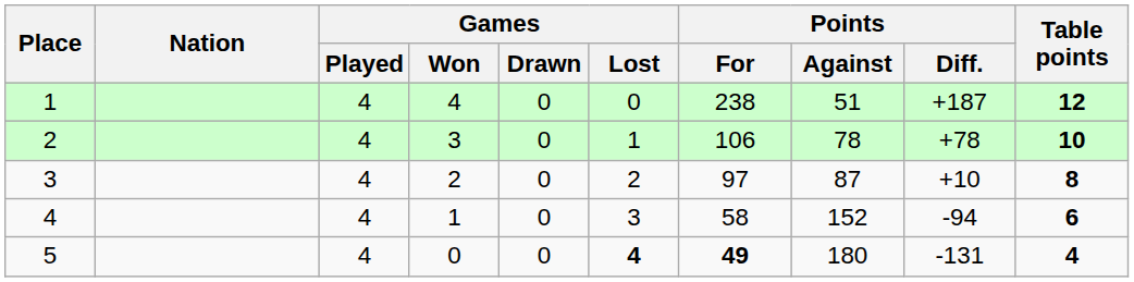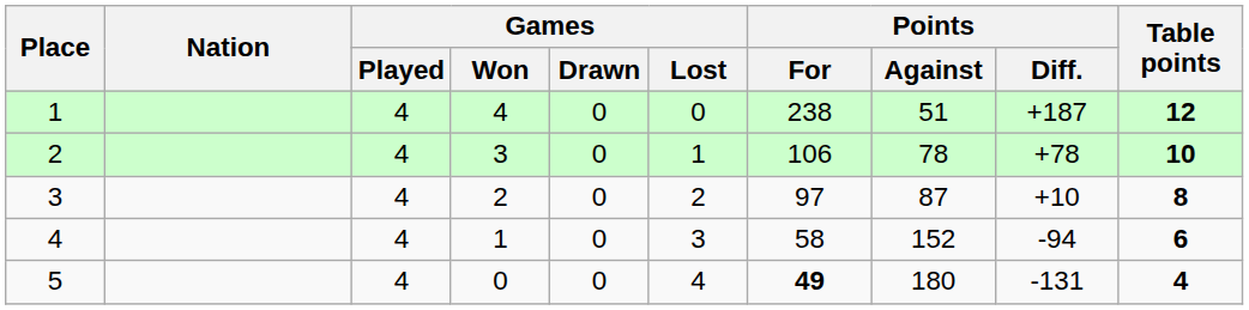 <table class="wikitable" style="text-align:center">
 <tr>
 <th rowspan="2" style="width:8%">Place</th>
 <th rowspan="2" style="width:20%">Nation</th>
 <th colspan="4" style="width:32%">Games</th>
 <th colspan="3" style="width:30%">Points</th>
 <th rowspan="2" style="width:10%">Table<br>points</th>
 </tr>
 <tr>
 <th style="width:8%">Played</th>
 <th style="width:8%">Won</th>
 <th style="width:8%">Drawn</th>
 <th style="width:8%">Lost</th>
 <th style="width:10%">For</th>
 <th style="width:10%">Against</th>
 <th style="width:10%">Diff.</th>
 </tr>
 <tr style="background:#cfc">
 <td>1</td>
 <td align=left><strong></strong></td>
 <td>4</td>
 <td>4</td>
 <td>0</td>
 <td>0</td>
 <td>238</td>
 <td>51</td>
 <td>+187</td>
 <td><strong>12</strong></td>
 </tr>
 <tr style="background:#cfc">
 <td>2</td>
 <td align=left></td>
 <td>4</td>
 <td>3</td>
 <td>0</td>
 <td>1</td>
 <td>106</td>
 <td>78</td>
 <td>+78</td>
 <td><strong>10</strong></td>
 </tr>
 <tr>
 <td>3</td>
 <td align=left></td>
 <td>4</td>
 <td>2</td>
 <td>0</td>
 <td>2</td>
 <td>97</td>
 <td>87</td>
 <td>+10</td>
 <td><strong>8</strong></td>
 </tr>
 <tr>
 <td>4</td>
 <td align=left></td>
 <td>4</td>
 <td>1</td>
 <td>0</td>
 <td>3</td>
 <td>58</td>
 <td>152</td>
 <td>-94</td>
 <td><strong>6</strong></td>
 </tr>
 <tr>
 <td>5</td>
 <td align=left><em></em></td>
 <td>4</td>
 <td>0</td>
 <td>0</td>
-<td><strong>4</strong></td>
+<td>4</td>
 <td><strong>49</strong></td>
 <td>180</td>
 <td>-131</td>
 <td><strong>4</strong></td>
 </tr>
 </table>
